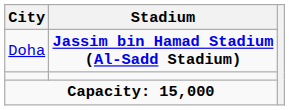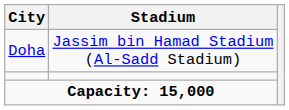 <table class="wikitable" style="margin:1em auto; text-align:center;">
 <tr>
 <th>City</th>
 <th>Stadium</th>
 <th rowspan="4"></th>
 </tr>
 <tr>
 <td><a href='#'>Doha</a></td>
-<td><strong><a href='#'>Jassim bin Hamad Stadium</a><br>(<a href='#'>Al-Sadd</a> Stadium)</strong></td>
+<td><a href='#'>Jassim bin Hamad Stadium</a><br>(<a href='#'>Al-Sadd</a> Stadium)</td>
 </tr>
 <tr>
 <td></td>
 <td></td>
 </tr>
 <tr>
 <td colspan="2"><strong>Capacity: 15,000</strong></td>
 </tr>
 </table>
